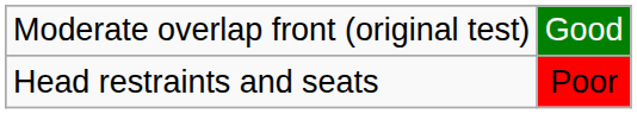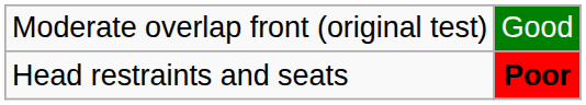 <table class="wikitable">
 <tr>
 <td>Moderate overlap front (original test)</td>
 <td style="text-align:center;color:white;background:green">Good</td>
 </tr>
 <tr>
 <td>Head restraints and seats</td>
-<td style="text-align:center;color:black;background:red">Poor</td>
+<td style="text-align:center;color:black;background:red"><strong>Poor</strong></td>
 </tr>
 </table>
